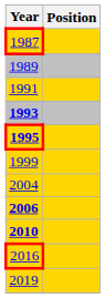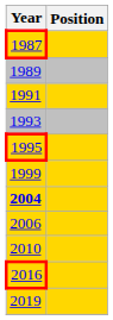 <table class="wikitable">
 <tr>
 <th>Year</th>
 <th>Position</th>
 </tr>
 <tr style="background:gold;">
 <td style="border: 3px solid red"> <a href='#'>1987</a></td>
 <td colspan = 6></td>
 </tr>
 <tr style="background:silver;">
 <td> <a href='#'>1989</a></td>
 <td colspan = 6></td>
 </tr>
 <tr style="background:gold;">
 <td> <a href='#'>1991</a></td>
 <td colspan = 6></td>
 </tr>
 <tr style="background:silver;">
-<td><strong> <a href='#'>1993</a></strong></td>
+<td> <a href='#'>1993</a></td>
 <td colspan = 6></td>
 </tr>
 <tr style="background:gold">
-<td style="border: 3px solid red"><strong> <a href='#'>1995</a></strong></td>
+<td style="border: 3px solid red"> <a href='#'>1995</a></td>
 <td colspan = 6></td>
 </tr>
 <tr style="background:gold">
 <td> <a href='#'>1999</a></td>
 <td colspan = 6></td>
 </tr>
 <tr style="background:gold">
-<td> <a href='#'>2004</a></td>
+<td><strong> <a href='#'>2004</a></strong></td>
 <td colspan = 6></td>
 </tr>
 <tr style="background:gold">
-<td><strong> <a href='#'>2006</a></strong></td>
+<td> <a href='#'>2006</a></td>
 <td colspan = 6></td>
 </tr>
 <tr style="background:gold">
-<td><strong> <a href='#'>2010</a></strong></td>
+<td> <a href='#'>2010</a></td>
 <td colspan = 6></td>
 </tr>
 <tr style="background:gold">
 <td style="border: 3px solid red"> <a href='#'>2016</a></td>
 <td colspan = 6></td>
 </tr>
 <tr style="background:gold">
 <td> <a href='#'>2019</a></td>
 <td colspan = 6></td>
 </tr>
 <tr>
 </tr>
 </table>
